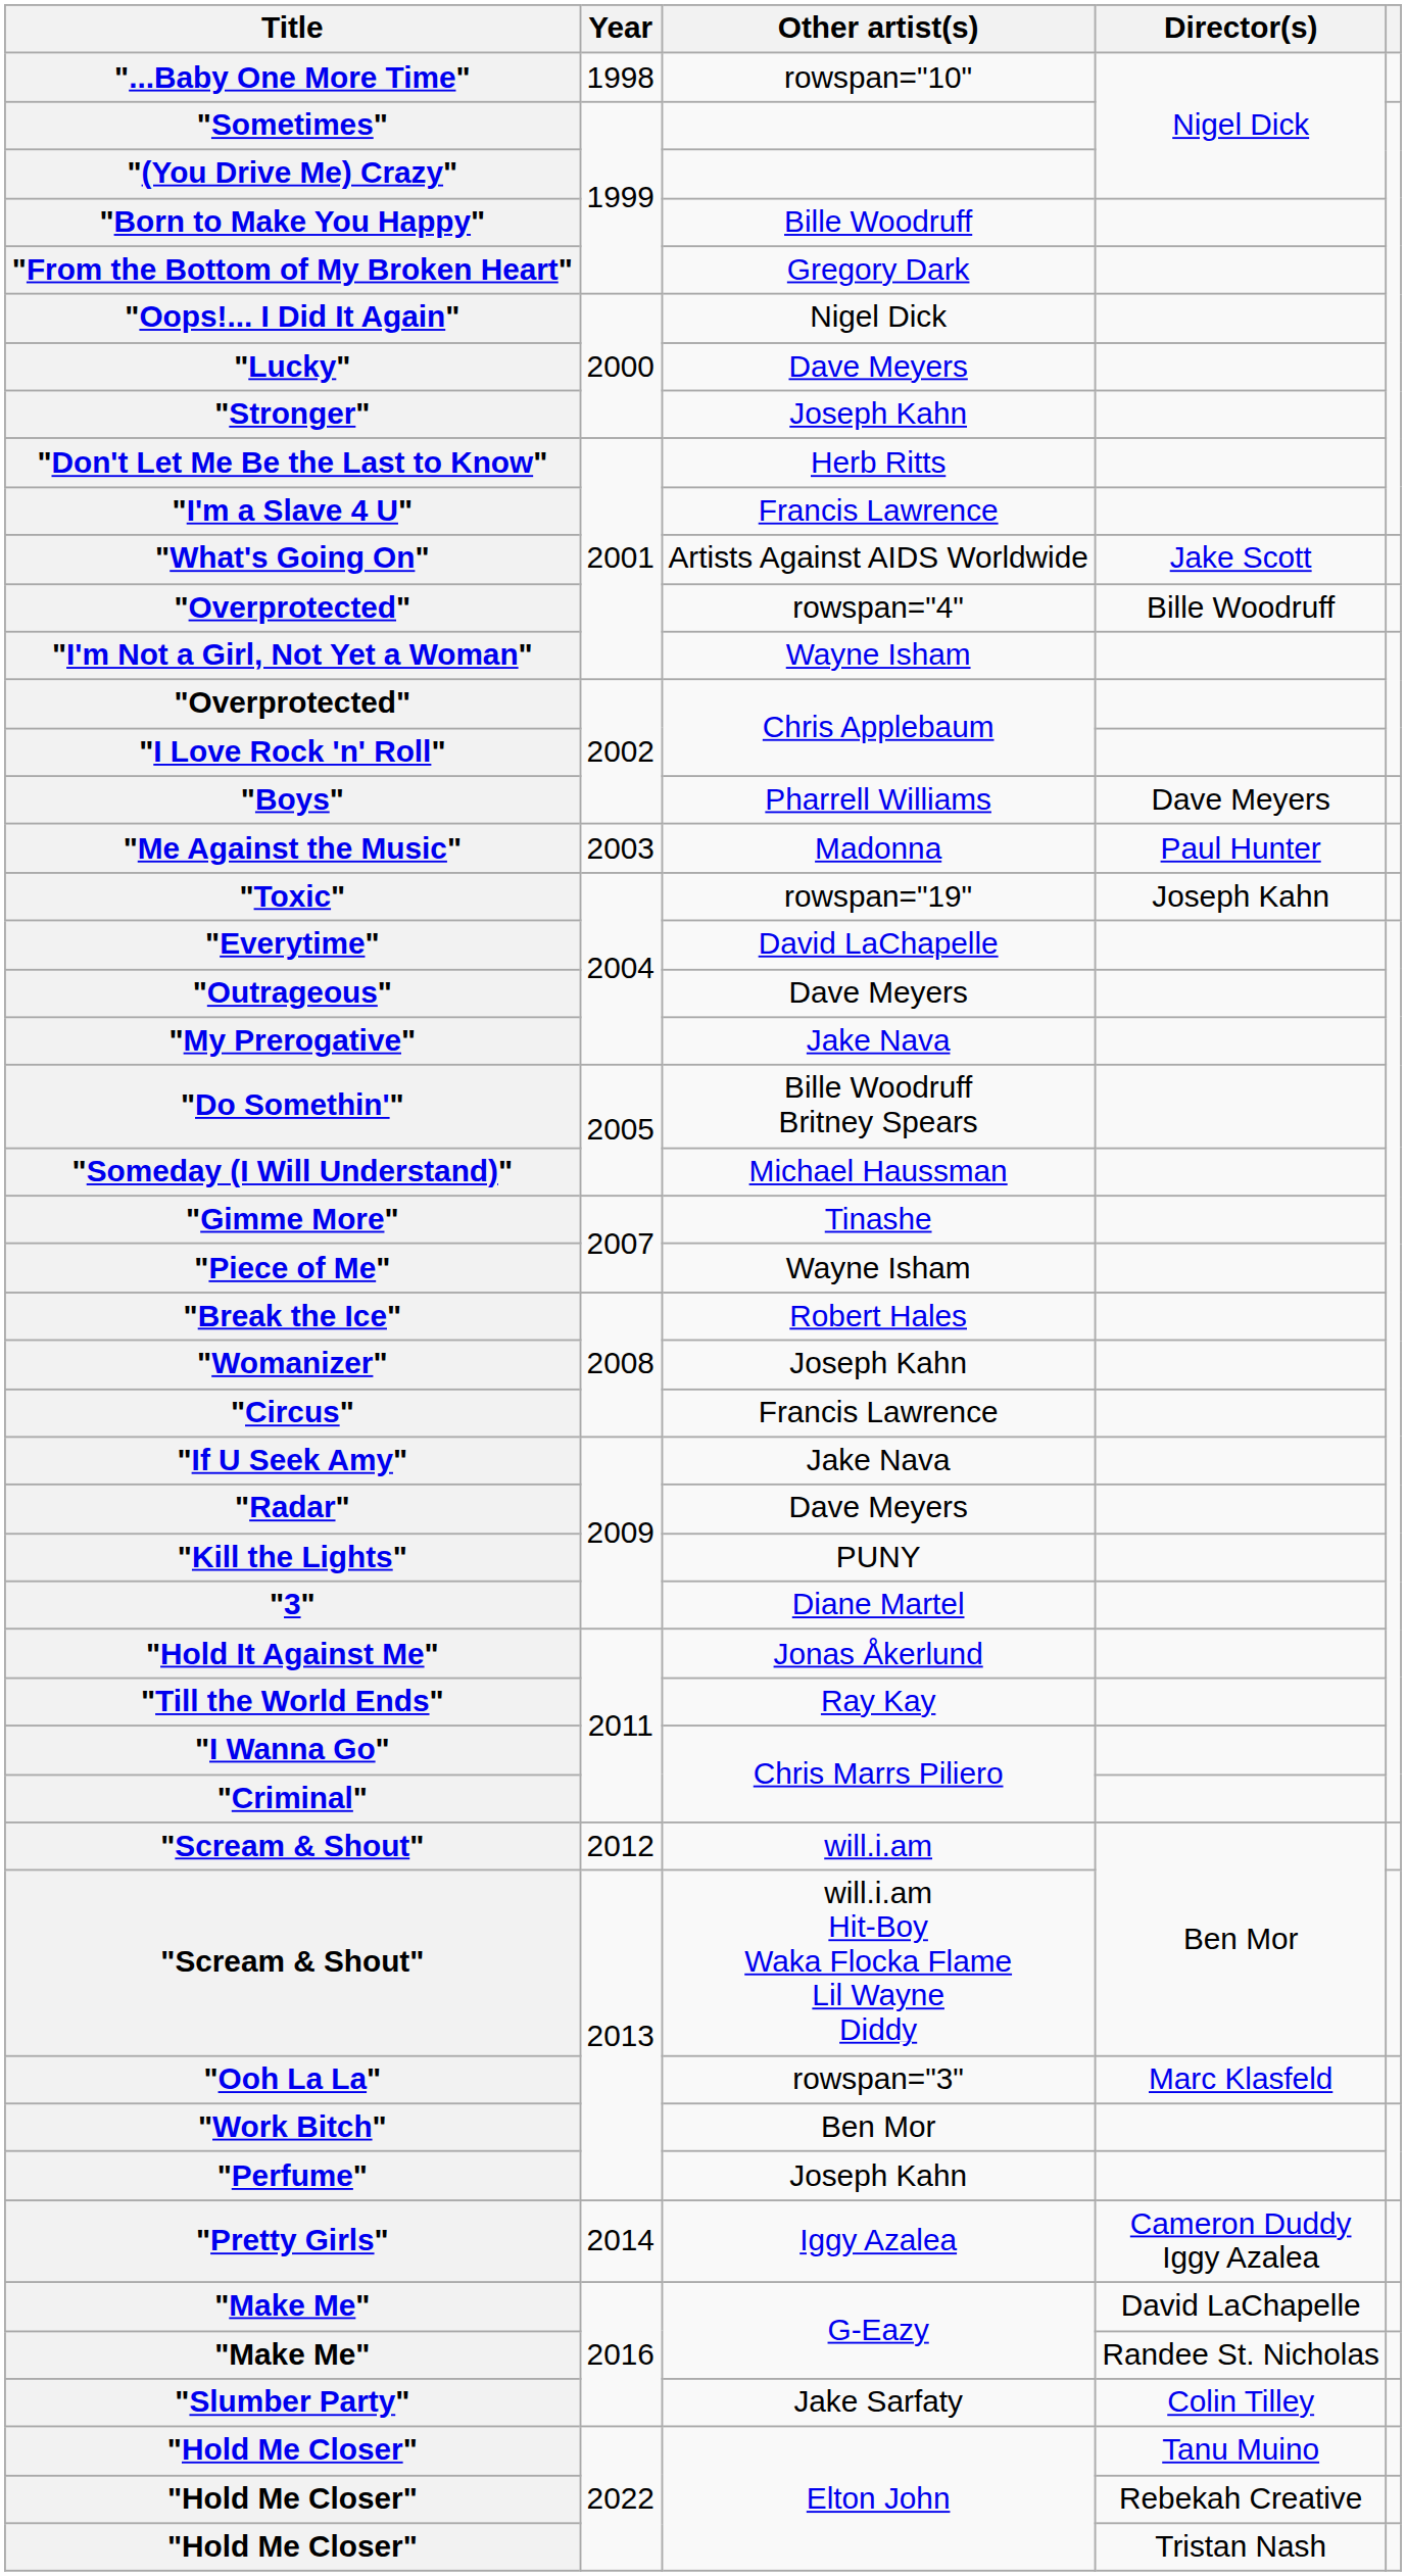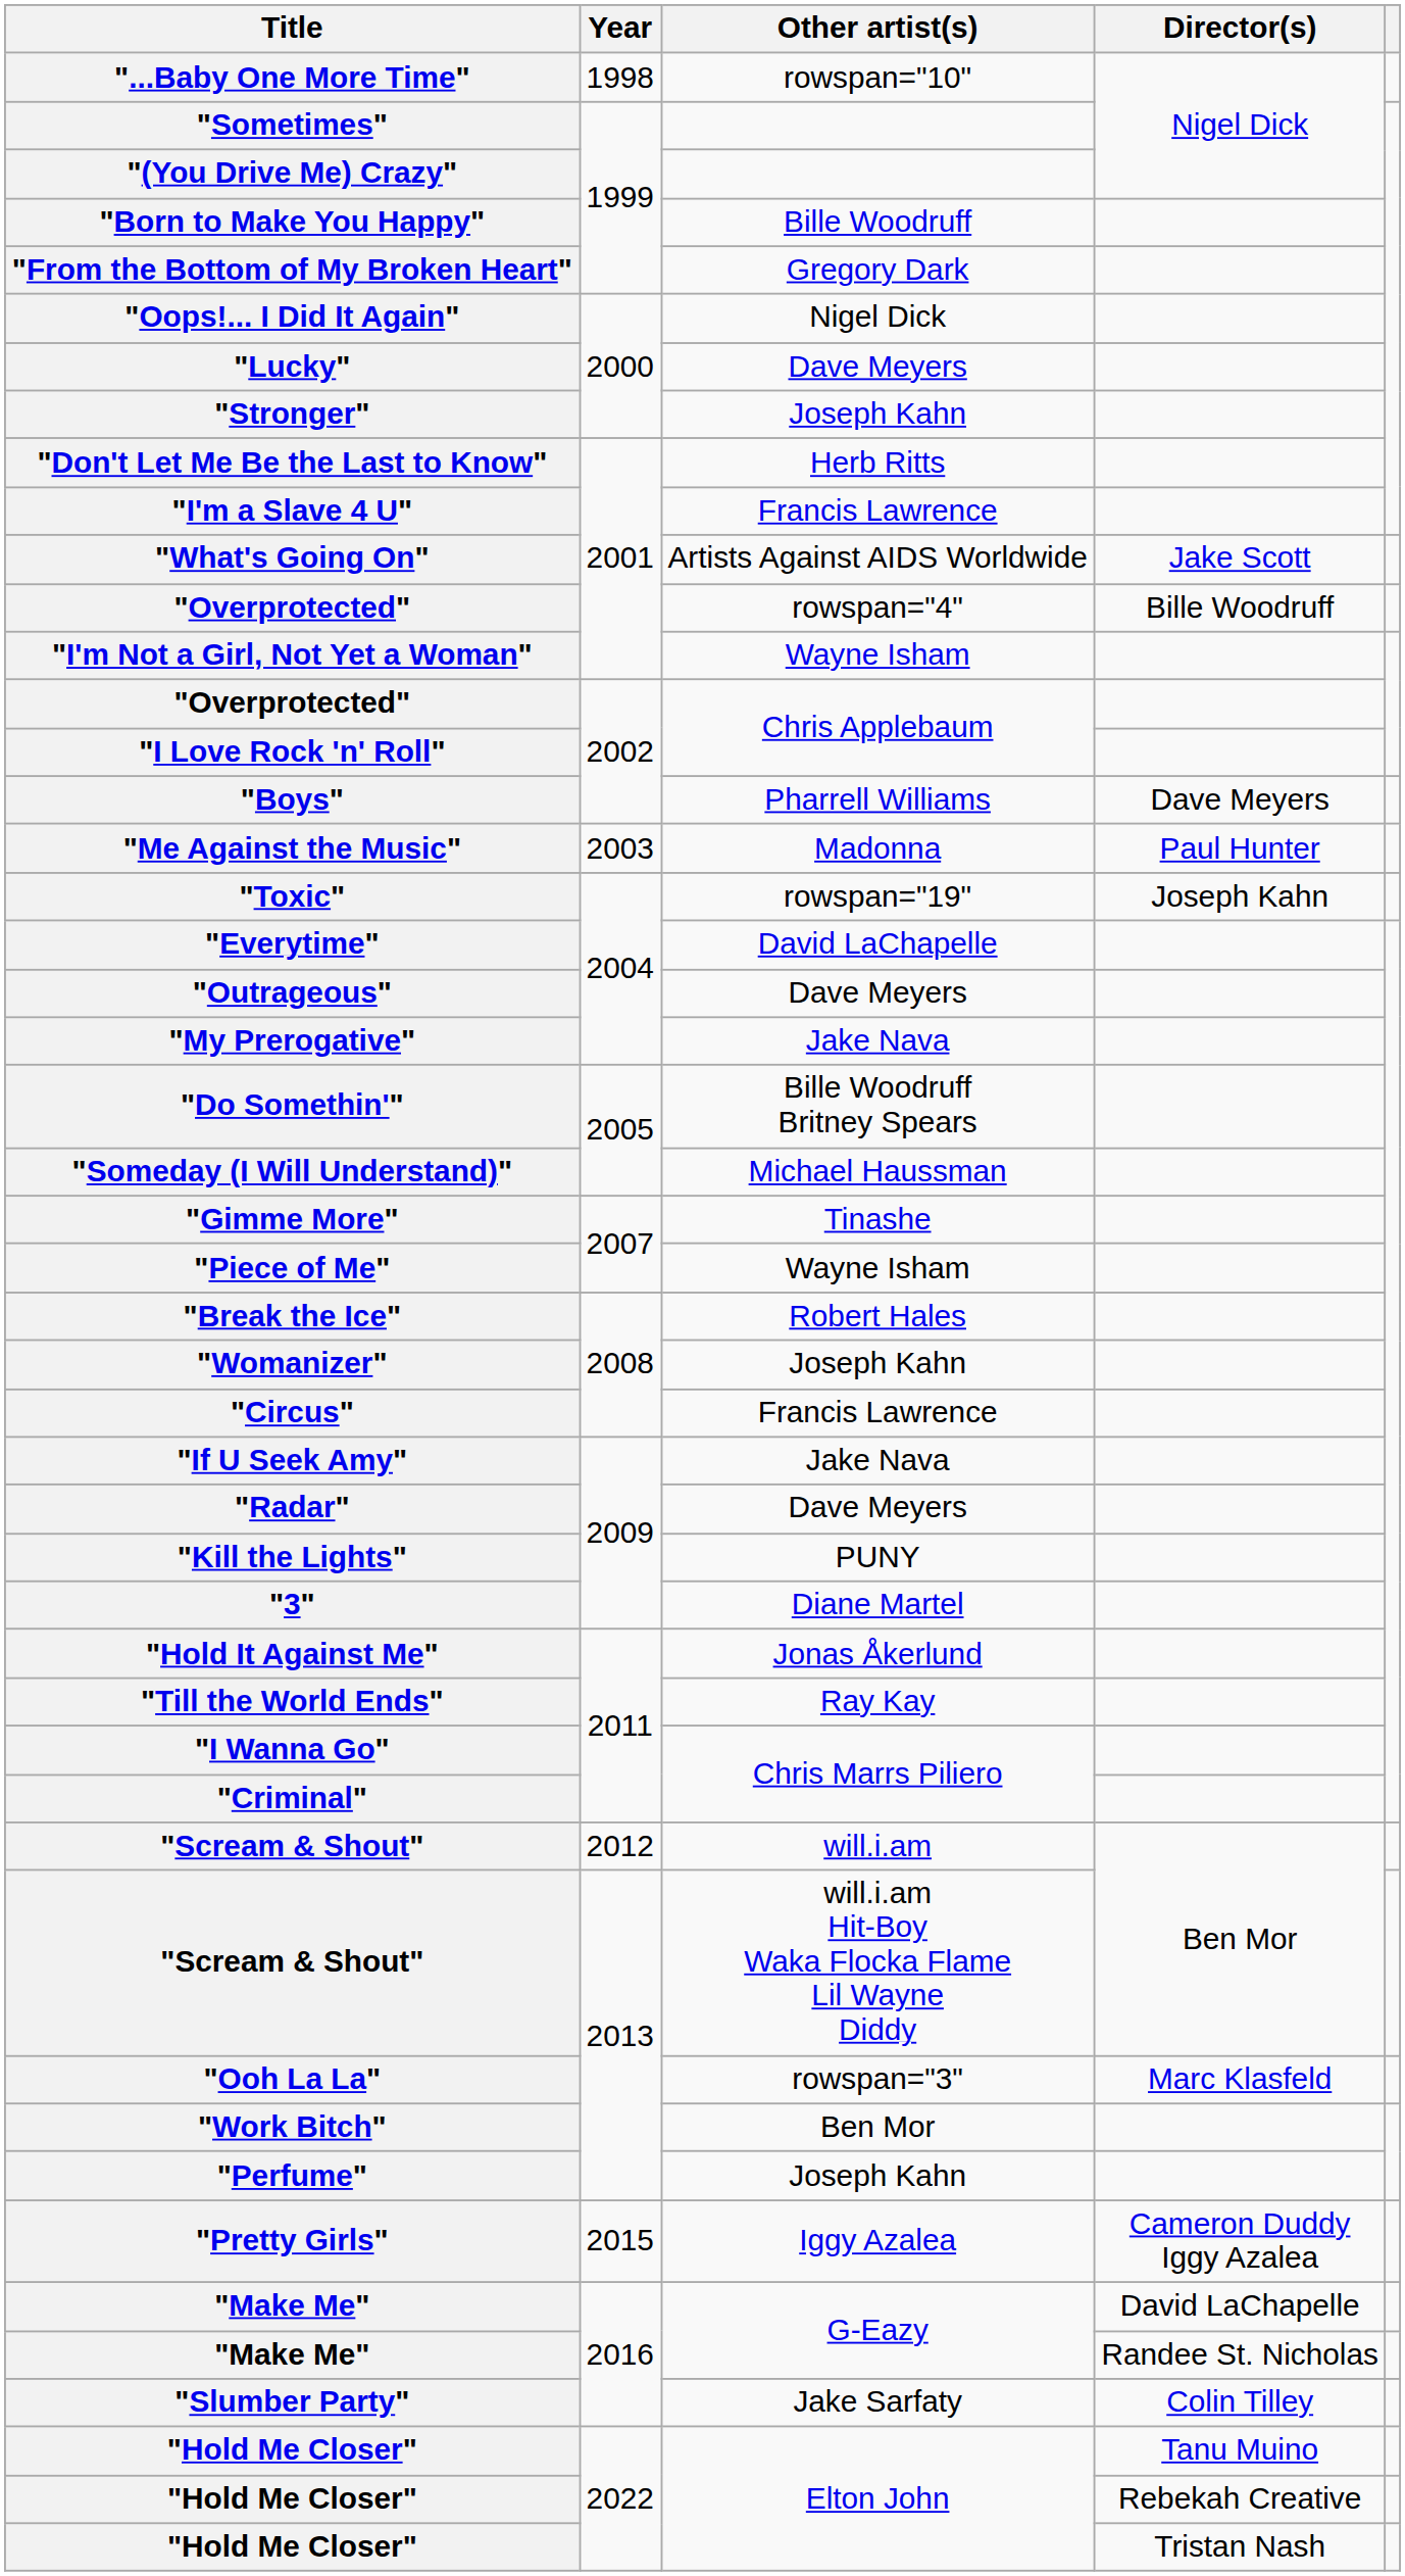 <table class="wikitable plainrowheaders" style="text-align:center;">
 <tr>
 <th scope="col">Title</th>
 <th scope="col">Year</th>
 <th scope="col">Other artist(s)</th>
 <th scope="col">Director(s)</th>
 <th scope="col"></th>
 </tr>
 <tr>
 <th scope="row">"<a href='#'>...Baby One More Time</a>"</th>
 <td>1998</td>
 <td>rowspan="10" </td>
 <td rowspan="3"><a href='#'>Nigel Dick</a></td>
 <td></td>
 </tr>
 <tr>
 <th scope="row">"<a href='#'>Sometimes</a>"</th>
 <td rowspan="4">1999</td>
 <td></td>
 </tr>
 <tr>
 <th scope="row">"<a href='#'>(You Drive Me) Crazy</a>" </th>
 <td></td>
 </tr>
 <tr>
 <th scope="row">"<a href='#'>Born to Make You Happy</a>"</th>
 <td><a href='#'>Bille Woodruff</a></td>
 <td></td>
 </tr>
 <tr>
 <th scope="row">"<a href='#'>From the Bottom of My Broken Heart</a>"</th>
 <td><a href='#'>Gregory Dark</a></td>
 <td></td>
 </tr>
 <tr>
 <th scope="row">"<a href='#'>Oops!... I Did It Again</a>"</th>
 <td rowspan="3">2000</td>
 <td>Nigel Dick</td>
 <td></td>
 </tr>
 <tr>
 <th scope="row">"<a href='#'>Lucky</a>"</th>
 <td><a href='#'>Dave Meyers</a></td>
 <td></td>
 </tr>
 <tr>
 <th scope="row">"<a href='#'>Stronger</a>"</th>
 <td><a href='#'>Joseph Kahn</a></td>
 <td></td>
 </tr>
 <tr>
 <th scope="row">"<a href='#'>Don't Let Me Be the Last to Know</a>"</th>
 <td rowspan="5">2001</td>
 <td><a href='#'>Herb Ritts</a></td>
 <td></td>
 </tr>
 <tr>
 <th scope="row">"<a href='#'>I'm a Slave 4 U</a>"</th>
 <td><a href='#'>Francis Lawrence</a></td>
 <td></td>
 </tr>
 <tr>
 <th scope="row">"<a href='#'>What's Going On</a>"</th>
 <td>Artists Against AIDS Worldwide</td>
 <td><a href='#'>Jake Scott</a></td>
 <td></td>
 </tr>
 <tr>
 <th scope="row">"<a href='#'>Overprotected</a>"</th>
 <td>rowspan="4" </td>
 <td>Bille Woodruff</td>
 <td></td>
 </tr>
 <tr>
 <th scope="row">"<a href='#'>I'm Not a Girl, Not Yet a Woman</a>"</th>
 <td><a href='#'>Wayne Isham</a></td>
 <td></td>
 </tr>
 <tr>
 <th scope="row">"Overprotected" </th>
 <td rowspan="3">2002</td>
 <td rowspan="2"><a href='#'>Chris Applebaum</a></td>
 <td></td>
 </tr>
 <tr>
 <th scope="row">"<a href='#'>I Love Rock 'n' Roll</a>"</th>
 <td></td>
 </tr>
 <tr>
 <th scope="row">"<a href='#'>Boys</a>" </th>
 <td><a href='#'>Pharrell Williams</a></td>
 <td>Dave Meyers</td>
 <td></td>
 </tr>
 <tr>
 <th scope="row">"<a href='#'>Me Against the Music</a>"</th>
 <td>2003</td>
 <td><a href='#'>Madonna</a></td>
 <td><a href='#'>Paul Hunter</a></td>
 <td></td>
 </tr>
 <tr>
 <th scope="row">"<a href='#'>Toxic</a>"</th>
 <td rowspan="4">2004</td>
 <td>rowspan="19" </td>
 <td>Joseph Kahn</td>
 <td></td>
 </tr>
 <tr>
 <th scope="row">"<a href='#'>Everytime</a>"</th>
 <td><a href='#'>David LaChapelle</a></td>
 <td></td>
 </tr>
 <tr>
 <th scope="row">"<a href='#'>Outrageous</a>"</th>
 <td>Dave Meyers</td>
 <td></td>
 </tr>
 <tr>
 <th scope="row">"<a href='#'>My Prerogative</a>"</th>
 <td><a href='#'>Jake Nava</a></td>
 <td></td>
 </tr>
 <tr>
 <th scope="row">"<a href='#'>Do Somethin'</a>"</th>
 <td rowspan="2">2005</td>
 <td>Bille Woodruff<br>Britney Spears</td>
 <td></td>
 </tr>
 <tr>
 <th scope="row">"<a href='#'>Someday (I Will Understand)</a>"</th>
 <td><a href='#'>Michael Haussman</a></td>
 <td></td>
 </tr>
 <tr>
 <th scope="row">"<a href='#'>Gimme More</a>"</th>
 <td rowspan="2">2007</td>
 <td><a href='#'>Tinashe</a></td>
 <td></td>
 </tr>
 <tr>
 <th scope="row">"<a href='#'>Piece of Me</a>"</th>
 <td>Wayne Isham</td>
 <td></td>
 </tr>
 <tr>
 <th scope="row">"<a href='#'>Break the Ice</a>"</th>
 <td rowspan="3">2008</td>
 <td><a href='#'>Robert Hales</a></td>
 <td></td>
 </tr>
 <tr>
 <th scope="row">"<a href='#'>Womanizer</a>"</th>
 <td>Joseph Kahn</td>
 <td></td>
 </tr>
 <tr>
 <th scope="row">"<a href='#'>Circus</a>"</th>
 <td>Francis Lawrence</td>
 <td></td>
 </tr>
 <tr>
 <th scope="row">"<a href='#'>If U Seek Amy</a>"</th>
 <td rowspan="4">2009</td>
 <td>Jake Nava</td>
 <td></td>
 </tr>
 <tr>
 <th scope="row">"<a href='#'>Radar</a>"</th>
 <td>Dave Meyers</td>
 <td></td>
 </tr>
 <tr>
 <th scope="row">"<a href='#'>Kill the Lights</a>"</th>
 <td>PUNY</td>
 <td></td>
 </tr>
 <tr>
 <th scope="row">"<a href='#'>3</a>"</th>
 <td><a href='#'>Diane Martel</a></td>
 <td></td>
 </tr>
 <tr>
 <th scope="row">"<a href='#'>Hold It Against Me</a>"</th>
 <td rowspan="4">2011</td>
 <td><a href='#'>Jonas Åkerlund</a></td>
 <td></td>
 </tr>
 <tr>
 <th scope="row">"<a href='#'>Till the World Ends</a>"</th>
 <td><a href='#'>Ray Kay</a></td>
 <td></td>
 </tr>
 <tr>
 <th scope="row">"<a href='#'>I Wanna Go</a>"</th>
 <td rowspan="2"><a href='#'>Chris Marrs Piliero</a></td>
 <td></td>
 </tr>
 <tr>
 <th scope="row">"<a href='#'>Criminal</a>"</th>
 <td></td>
 </tr>
 <tr>
 <th scope="row">"<a href='#'>Scream & Shout</a>"</th>
 <td>2012</td>
 <td><a href='#'>will.i.am</a></td>
 <td rowspan="2">Ben Mor</td>
 <td></td>
 </tr>
 <tr>
 <th scope="row">"Scream & Shout" </th>
 <td rowspan="4">2013</td>
 <td>will.i.am<br><a href='#'>Hit-Boy</a><br><a href='#'>Waka Flocka Flame</a><br><a href='#'>Lil Wayne</a><br><a href='#'>Diddy</a></td>
 <td></td>
 </tr>
 <tr>
 <th scope="row">"<a href='#'>Ooh La La</a>"</th>
 <td>rowspan="3" </td>
 <td><a href='#'>Marc Klasfeld</a></td>
 <td></td>
 </tr>
 <tr>
 <th scope="row">"<a href='#'>Work Bitch</a>"</th>
 <td>Ben Mor</td>
 <td></td>
 </tr>
 <tr>
 <th scope="row">"<a href='#'>Perfume</a>"</th>
 <td>Joseph Kahn</td>
 <td></td>
 </tr>
 <tr>
 <th scope="row">"<a href='#'>Pretty Girls</a>"</th>
-<td>2014</td>
+<td>2015</td>
 <td><a href='#'>Iggy Azalea</a></td>
 <td><a href='#'>Cameron Duddy</a><br>Iggy Azalea</td>
 <td></td>
 </tr>
 <tr>
 <th scope="row">"<a href='#'>Make Me</a>"</th>
 <td rowspan="3">2016</td>
 <td rowspan="2"><a href='#'>G-Eazy</a></td>
 <td>David LaChapelle</td>
 <td></td>
 </tr>
 <tr>
 <th scope="row">"Make Me"</th>
 <td>Randee St. Nicholas</td>
 <td></td>
 </tr>
 <tr>
 <th scope="row">"<a href='#'>Slumber Party</a>"</th>
 <td>Jake Sarfaty</td>
 <td><a href='#'>Colin Tilley</a></td>
 <td></td>
 </tr>
 <tr>
 <th scope="row">"<a href='#'>Hold Me Closer</a>"</th>
 <td rowspan="3">2022</td>
 <td rowspan="3"><a href='#'>Elton John</a></td>
 <td><a href='#'>Tanu Muino</a></td>
 <td></td>
 </tr>
 <tr>
 <th scope="row">"Hold Me Closer" </th>
 <td>Rebekah Creative</td>
 <td></td>
 </tr>
 <tr>
 <th scope="row">"Hold Me Closer" </th>
 <td>Tristan Nash</td>
 <td></td>
 </tr>
 </table>
